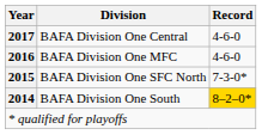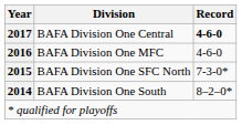 <table class="wikitable">
 <tr>
 <th>Year</th>
 <th>Division</th>
 <th>Record</th>
 </tr>
 <tr>
 <th>2017</th>
 <td>BAFA Division One Central</td>
-<td>4-6-0</td>
+<td><strong>4-6-0</strong></td>
 </tr>
 <tr>
 <th>2016</th>
 <td>BAFA Division One MFC</td>
 <td>4-6-0</td>
 </tr>
 <tr>
 <th>2015</th>
 <td>BAFA Division One SFC North</td>
 <td>7-3-0*</td>
 </tr>
 <tr>
 <th>2014</th>
 <td>BAFA Division One South</td>
-<td style="background: gold;">8–2–0*</td>
+<td>8–2–0*</td>
 </tr>
 <tr>
 <td colspan="3"><em>* qualified for playoffs</em></td>
 </tr>
 </table>
